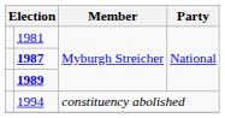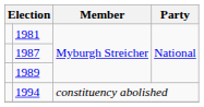 <table class="wikitable">
 <tr>
 <th colspan="2">Election</th>
 <th>Member</th>
 <th>Party</th>
 </tr>
 <tr>
 <td style="background-color: "></td>
 <td><a href='#'>1981</a></td>
 <td rowspan="3"><a href='#'>Myburgh Streicher</a></td>
 <td rowspan="3"><a href='#'>National</a></td>
 </tr>
 <tr>
 <td style="background-color: "></td>
-<td><strong><a href='#'>1987</a></strong></td>
+<td><a href='#'>1987</a></td>
 </tr>
 <tr>
 <td style="background-color: "></td>
-<td><strong><a href='#'>1989</a></strong></td>
+<td><a href='#'>1989</a></td>
 </tr>
 <tr>
 <td style="background-color: "></td>
 <td><a href='#'>1994</a></td>
 <td colspan="2"><em>constituency abolished</em></td>
 </tr>
 <tr>
 </tr>
 </table>
